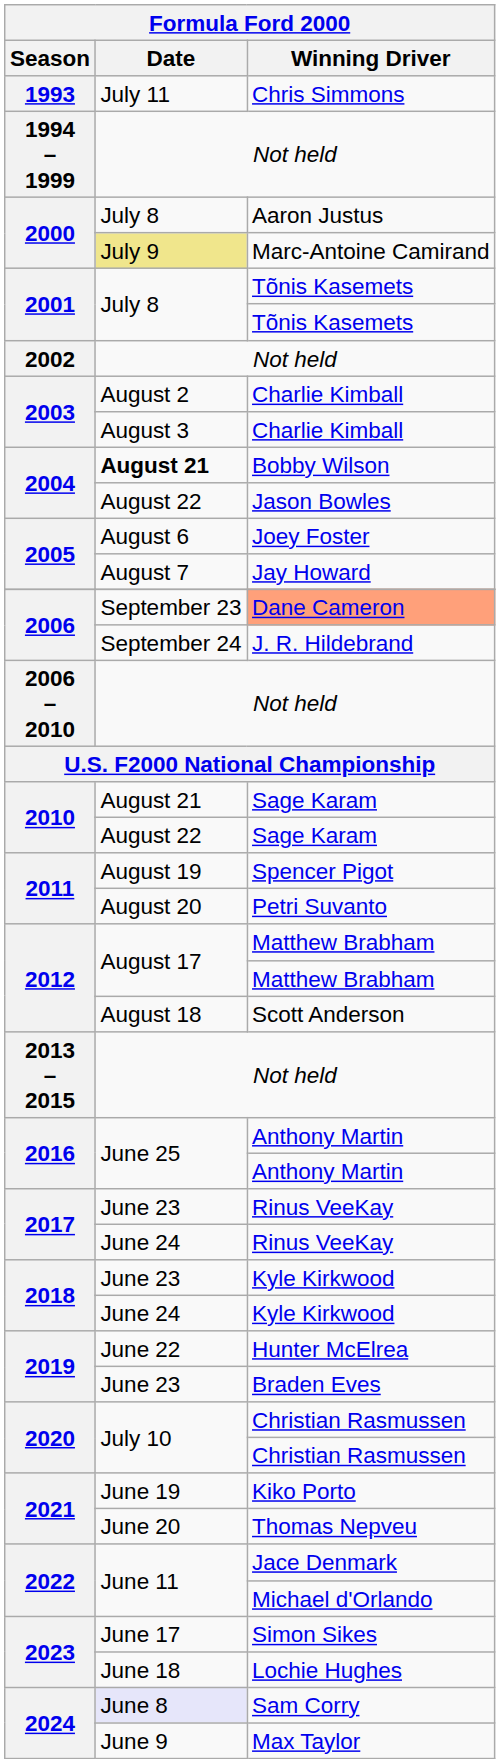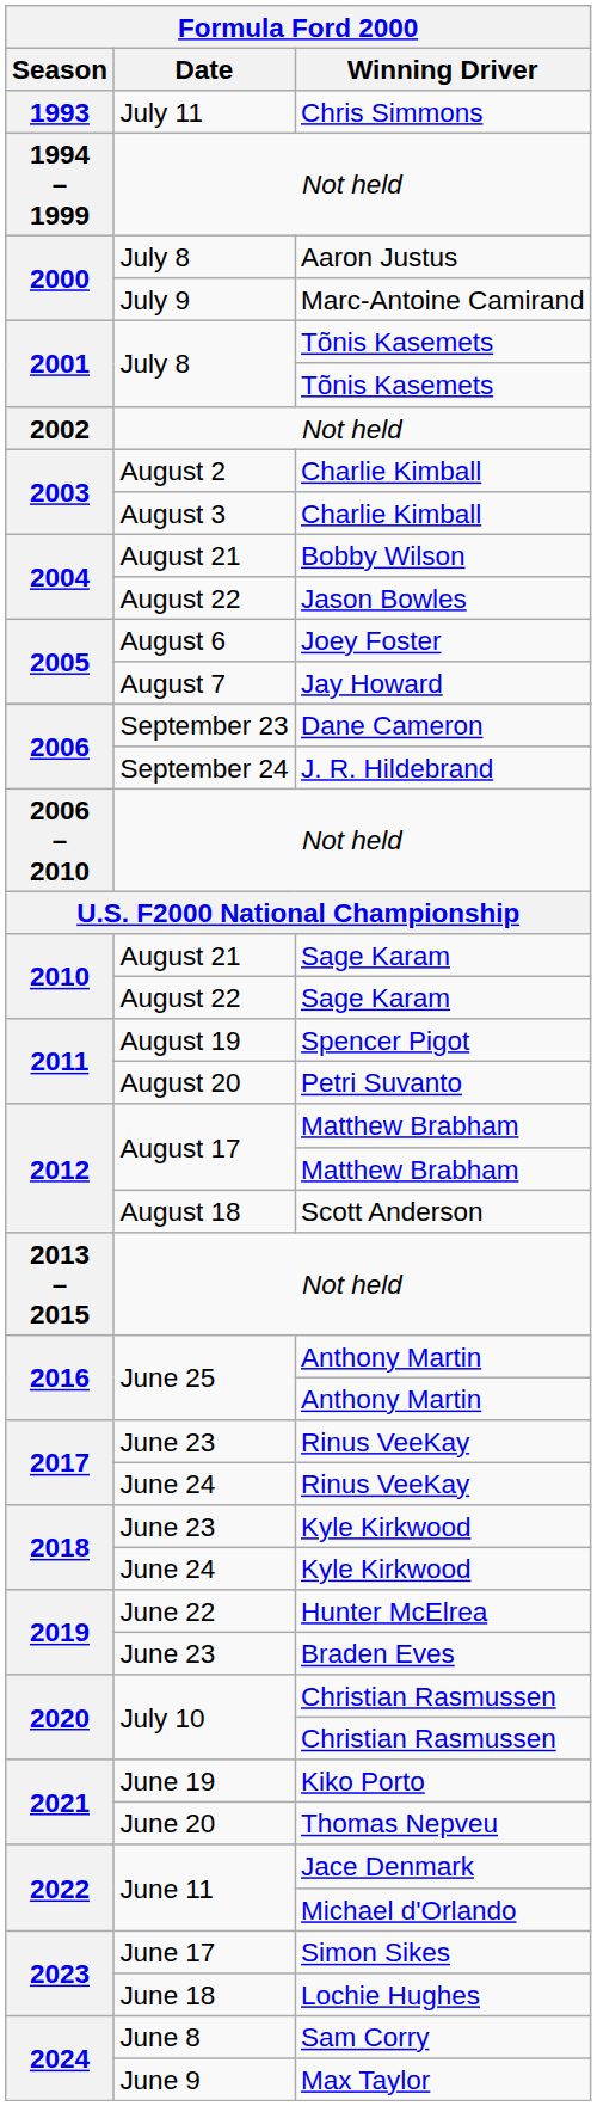 <table class="wikitable" style="font-size: 95%;">
 <tr>
 <th colspan=3><a href='#'>Formula Ford 2000</a></th>
 </tr>
 <tr>
 <th>Season</th>
 <th>Date</th>
 <th>Winning Driver</th>
 </tr>
 <tr>
 <th><a href='#'>1993</a></th>
 <td>July 11</td>
 <td> <a href='#'>Chris Simmons</a></td>
 </tr>
 <tr>
 <th>1994<br>–<br>1999</th>
 <td colspan="2" align=center><em>Not held</em></td>
 </tr>
 <tr>
 <th rowspan="2"><a href='#'>2000</a></th>
 <td>July 8</td>
 <td> Aaron Justus</td>
 </tr>
 <tr>
-<td style="background: khaki;">July 9</td>
+<td>July 9</td>
 <td> Marc-Antoine Camirand</td>
 </tr>
 <tr>
 <th rowspan="2"><a href='#'>2001</a></th>
 <td rowspan="2">July 8</td>
 <td> <a href='#'>Tõnis Kasemets</a></td>
 </tr>
 <tr>
 <td> <a href='#'>Tõnis Kasemets</a></td>
 </tr>
 <tr>
 <th>2002</th>
 <td colspan="2" align=center><em>Not held</em></td>
 </tr>
 <tr>
 <th rowspan="2"><a href='#'>2003</a></th>
 <td>August 2</td>
 <td> <a href='#'>Charlie Kimball</a></td>
 </tr>
 <tr>
 <td>August 3</td>
 <td> <a href='#'>Charlie Kimball</a></td>
 </tr>
 <tr>
 <th rowspan="2"><a href='#'>2004</a></th>
-<td><strong>August 21</strong></td>
+<td>August 21</td>
 <td> <a href='#'>Bobby Wilson</a></td>
 </tr>
 <tr>
 <td>August 22</td>
 <td> <a href='#'>Jason Bowles</a></td>
 </tr>
 <tr>
 <th rowspan="2"><a href='#'>2005</a></th>
 <td>August 6</td>
 <td> <a href='#'>Joey Foster</a></td>
 </tr>
 <tr>
 <td>August 7</td>
 <td> <a href='#'>Jay Howard</a></td>
 </tr>
 <tr>
 </tr>
 <tr>
 <th rowspan="2"><a href='#'>2006</a></th>
 <td>September 23</td>
-<td style="background: lightsalmon;"> <a href='#'>Dane Cameron</a></td>
+<td> <a href='#'>Dane Cameron</a></td>
 </tr>
 <tr>
 <td>September 24</td>
 <td> <a href='#'>J. R. Hildebrand</a></td>
 </tr>
 <tr>
 <th>2006<br>–<br>2010</th>
 <td colspan="2" align=center><em>Not held</em></td>
 </tr>
 <tr>
 <th colspan=3><a href='#'>U.S. F2000 National Championship</a></th>
 </tr>
 <tr>
 <th rowspan="2"><a href='#'>2010</a></th>
 <td>August 21</td>
 <td> <a href='#'>Sage Karam</a></td>
 </tr>
 <tr>
 <td>August 22</td>
 <td> <a href='#'>Sage Karam</a></td>
 </tr>
 <tr>
 <th rowspan="2"><a href='#'>2011</a></th>
 <td>August 19</td>
 <td> <a href='#'>Spencer Pigot</a></td>
 </tr>
 <tr>
 <td>August 20</td>
 <td> <a href='#'>Petri Suvanto</a></td>
 </tr>
 <tr>
 <th rowspan="3"><a href='#'>2012</a></th>
 <td rowspan="2">August 17</td>
 <td> <a href='#'>Matthew Brabham</a></td>
 </tr>
 <tr>
 <td> <a href='#'>Matthew Brabham</a></td>
 </tr>
 <tr>
 <td>August 18</td>
 <td> Scott Anderson</td>
 </tr>
 <tr>
 <th align=center>2013<br>–<br>2015</th>
 <td align=center colspan="2"><em>Not held</em></td>
 </tr>
 <tr>
 <th rowspan="2"><a href='#'>2016</a></th>
 <td rowspan="2">June 25</td>
 <td> <a href='#'>Anthony Martin</a></td>
 </tr>
 <tr>
 <td> <a href='#'>Anthony Martin</a></td>
 </tr>
 <tr>
 <th rowspan="2"><a href='#'>2017</a></th>
 <td>June 23</td>
 <td> <a href='#'>Rinus VeeKay</a></td>
 </tr>
 <tr>
 <td>June 24</td>
 <td> <a href='#'>Rinus VeeKay</a></td>
 </tr>
 <tr>
 <th rowspan="2"><a href='#'>2018</a></th>
 <td>June 23</td>
 <td> <a href='#'>Kyle Kirkwood</a></td>
 </tr>
 <tr>
 <td>June 24</td>
 <td> <a href='#'>Kyle Kirkwood</a></td>
 </tr>
 <tr>
 <th rowspan="2"><a href='#'>2019</a></th>
 <td>June 22</td>
 <td> <a href='#'>Hunter McElrea</a></td>
 </tr>
 <tr>
 <td>June 23</td>
 <td> <a href='#'>Braden Eves</a></td>
 </tr>
 <tr>
 <th rowspan="2"><a href='#'>2020</a></th>
 <td rowspan="2">July 10</td>
 <td> <a href='#'>Christian Rasmussen</a></td>
 </tr>
 <tr>
 <td> <a href='#'>Christian Rasmussen</a></td>
 </tr>
 <tr>
 <th rowspan="2"><a href='#'>2021</a></th>
 <td>June 19</td>
 <td> <a href='#'>Kiko Porto</a></td>
 </tr>
 <tr>
 <td>June 20</td>
 <td> <a href='#'>Thomas Nepveu</a></td>
 </tr>
 <tr>
 <th rowspan="2"><a href='#'>2022</a></th>
 <td rowspan="2">June 11</td>
 <td> <a href='#'>Jace Denmark</a></td>
 </tr>
 <tr>
 <td> <a href='#'>Michael d'Orlando</a></td>
 </tr>
 <tr>
 <th rowspan="2"><a href='#'>2023</a></th>
 <td>June 17</td>
 <td> <a href='#'>Simon Sikes</a></td>
 </tr>
 <tr>
 <td>June 18</td>
 <td> <a href='#'>Lochie Hughes</a></td>
 </tr>
 <tr>
 <th rowspan="2"><a href='#'>2024</a></th>
-<td style="background: lavender;">June 8</td>
+<td>June 8</td>
 <td> <a href='#'>Sam Corry</a></td>
 </tr>
 <tr>
 <td>June 9</td>
 <td> <a href='#'>Max Taylor</a></td>
 </tr>
 </table>
